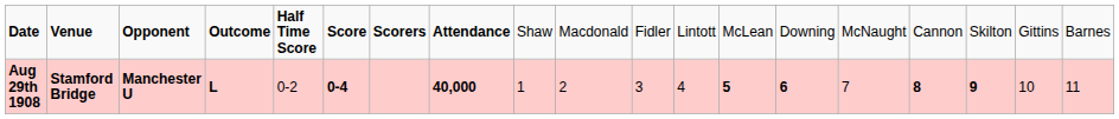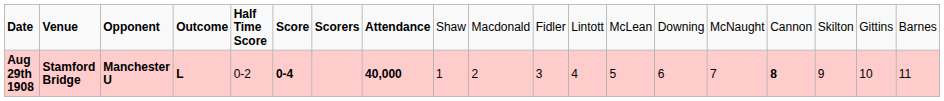 <table class="wikitable">
 <tr>
 <td><strong>Date</strong></td>
 <td><strong>Venue</strong></td>
 <td><strong>Opponent</strong></td>
 <td><strong>Outcome</strong></td>
 <td><strong>Half Time Score</strong></td>
 <td><strong>Score</strong></td>
 <td><strong>Scorers</strong></td>
 <td><strong>Attendance</strong></td>
 <td>Shaw</td>
 <td>Macdonald</td>
 <td>Fidler</td>
 <td>Lintott</td>
 <td>McLean</td>
 <td>Downing</td>
 <td>McNaught</td>
 <td>Cannon</td>
 <td>Skilton</td>
 <td>Gittins</td>
 <td>Barnes</td>
 </tr>
 <tr bgcolor="#FFCCCC">
 <td><strong>Aug 29th 1908</strong></td>
 <td><strong>Stamford Bridge</strong></td>
 <td><strong>Manchester U</strong></td>
 <td><strong>L</strong></td>
 <td>0-2</td>
 <td><strong>0-4</strong></td>
 <td></td>
 <td><strong>40,000</strong></td>
 <td>1</td>
 <td>2</td>
 <td>3</td>
 <td>4</td>
-<td><strong>5</strong></td>
-<td><strong>6</strong></td>
+<td>5</td>
+<td>6</td>
 <td>7</td>
 <td><strong>8</strong></td>
-<td><strong>9</strong></td>
+<td>9</td>
 <td>10</td>
 <td>11</td>
 </tr>
 </table>
